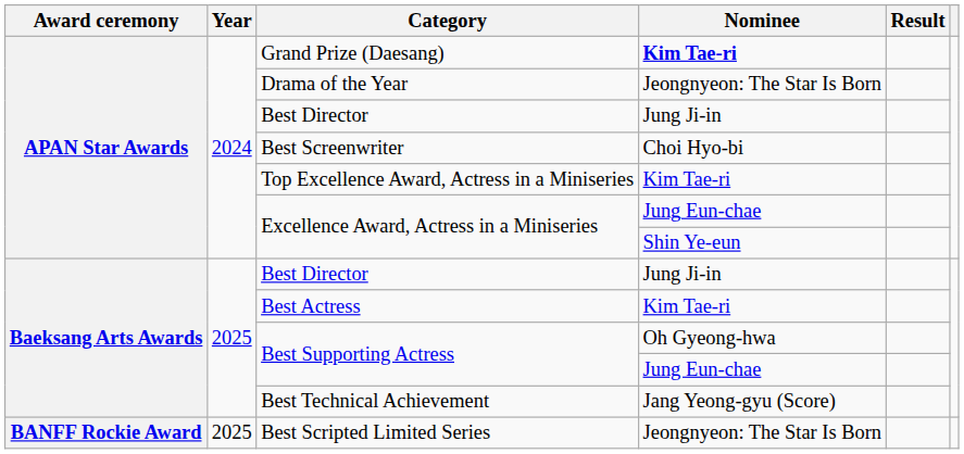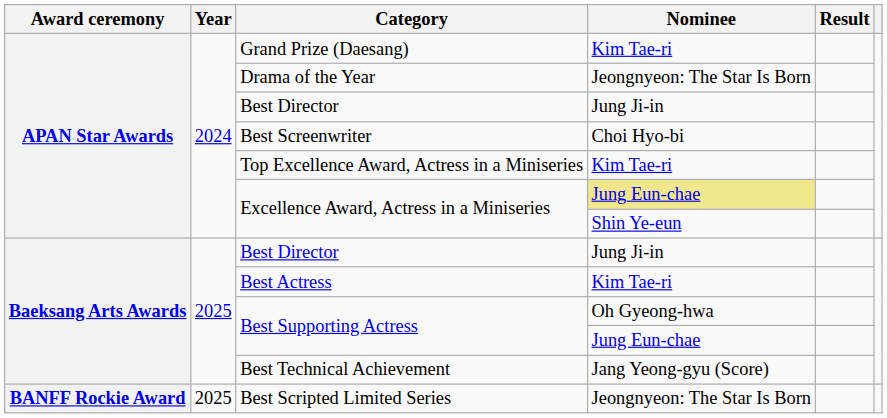 <table class="wikitable plainrowheaders sortable">
 <tr>
 <th scope="col">Award ceremony</th>
 <th scope="col">Year</th>
 <th scope="col">Category</th>
 <th scope="col">Nominee</th>
 <th scope="col">Result</th>
 <th scope="col" class="unsortable"></th>
 </tr>
 <tr>
 <th scope="row" rowspan="7"><a href='#'>APAN Star Awards</a></th>
 <td style="text-align:center" rowspan="7"><a href='#'>2024</a></td>
 <td>Grand Prize (Daesang)</td>
-<td><strong><a href='#'>Kim Tae-ri</a></strong></td>
+<td><a href='#'>Kim Tae-ri</a></td>
 <td></td>
 <td rowspan="7" style="text-align:center"></td>
 </tr>
 <tr>
 <td>Drama of the Year</td>
 <td>Jeongnyeon: The Star Is Born</td>
 <td></td>
 </tr>
 <tr>
 <td>Best Director</td>
 <td>Jung Ji-in</td>
 <td></td>
 </tr>
 <tr>
 <td>Best Screenwriter</td>
 <td>Choi Hyo-bi</td>
 <td></td>
 </tr>
 <tr>
 <td>Top Excellence Award, Actress in a Miniseries</td>
 <td><a href='#'>Kim Tae-ri</a></td>
 <td></td>
 </tr>
 <tr>
 <td rowspan="2">Excellence Award, Actress in a Miniseries</td>
-<td><a href='#'>Jung Eun-chae</a></td>
+<td style="background: khaki;"><a href='#'>Jung Eun-chae</a></td>
 <td></td>
 </tr>
 <tr>
 <td><a href='#'>Shin Ye-eun</a></td>
 <td></td>
 </tr>
 <tr>
 <th scope="row" rowspan="5"><a href='#'>Baeksang Arts Awards</a></th>
 <td rowspan="5" style="text-align:center"><a href='#'>2025</a></td>
 <td><a href='#'>Best Director</a></td>
 <td>Jung Ji-in</td>
 <td></td>
 <td rowspan="5" style="text-align:center"></td>
 </tr>
 <tr>
 <td><a href='#'>Best Actress</a></td>
 <td><a href='#'>Kim Tae-ri</a></td>
 <td></td>
 </tr>
 <tr>
 <td rowspan="2"><a href='#'>Best Supporting Actress</a></td>
 <td>Oh Gyeong-hwa</td>
 <td></td>
 </tr>
 <tr>
 <td><a href='#'>Jung Eun-chae</a></td>
 <td></td>
 </tr>
 <tr>
 <td>Best Technical Achievement</td>
 <td>Jang Yeong-gyu (Score)</td>
 <td></td>
 </tr>
 <tr>
 <th scope="row" rowspan="5"><a href='#'>BANFF Rockie Award</a></th>
 <td rowspan="5" style="text-align:center">2025</td>
 <td>Best Scripted Limited Series</td>
 <td>Jeongnyeon: The Star Is Born</td>
 <td></td>
 <td rowspan="5" style="text-align:center"></td>
 </tr>
 </table>
